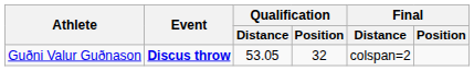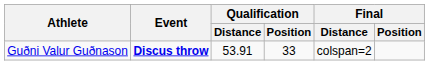 <table class=wikitable style="font-size:90%">
 <tr>
 <th rowspan="2">Athlete</th>
 <th rowspan="2">Event</th>
 <th colspan="2">Qualification</th>
 <th colspan="2">Final</th>
 </tr>
 <tr style="font-size:95%">
 <th>Distance</th>
 <th>Position</th>
 <th>Distance</th>
 <th>Position</th>
 </tr>
 <tr style=text-align:center>
 <td style=text-align:left><a href='#'>Guðni Valur Guðnason</a></td>
 <td style=text-align:left><strong><a href='#'>Discus throw</a></strong></td>
-<td>53.05</td>
-<td>32</td>
+<td>53.91</td>
+<td>33</td>
 <td>colspan=2 </td>
 </tr>
 </table>
